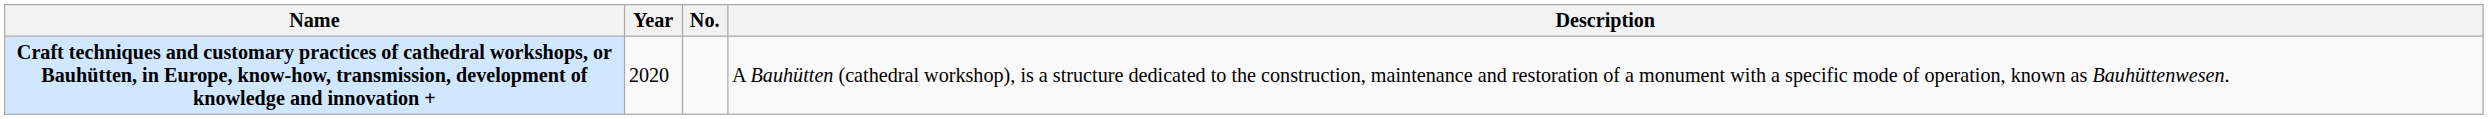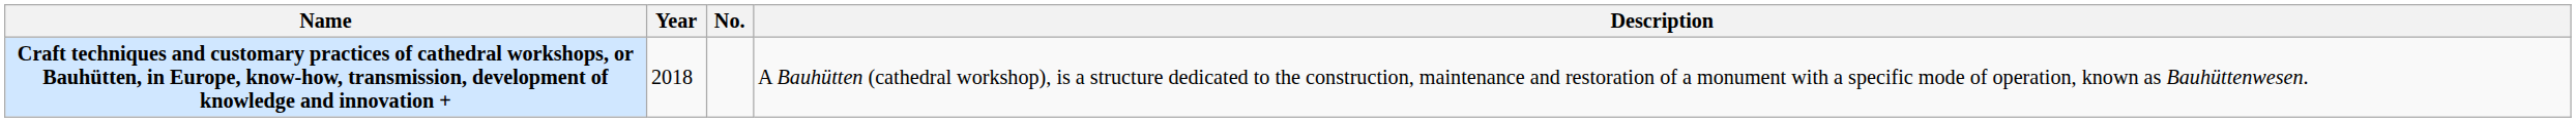 <table class="wikitable sortable plainrowheaders">
 <tr>
 <th style="width:25%">Name</th>
 <th>Year</th>
 <th>No.</th>
 <th class="unsortable">Description</th>
 </tr>
 <tr>
 <th scope="row" style="background:#D0E7FF;">Craft techniques and customary practices of cathedral workshops, or Bauhütten, in Europe, know-how, transmission, development of knowledge and innovation +</th>
-<td>2020</td>
+<td>2018</td>
 <td></td>
 <td>A <em>Bauhütten</em> (cathedral workshop), is a structure dedicated to the construction, maintenance and restoration of a monument with a specific mode of operation, known as <em>Bauhüttenwesen</em>.</td>
 </tr>
 </table>
